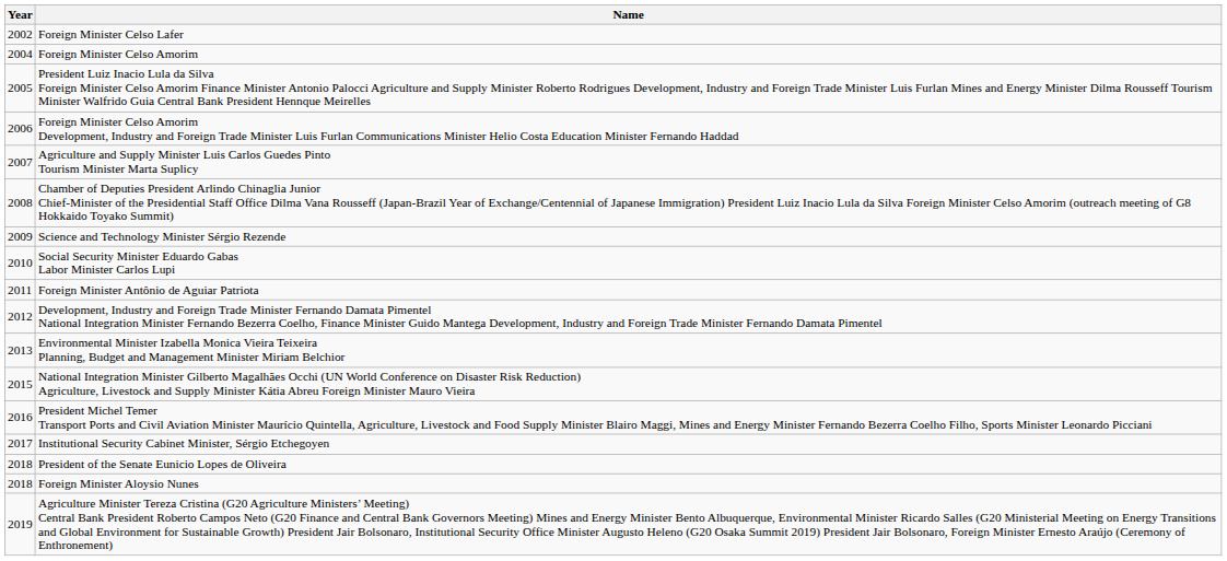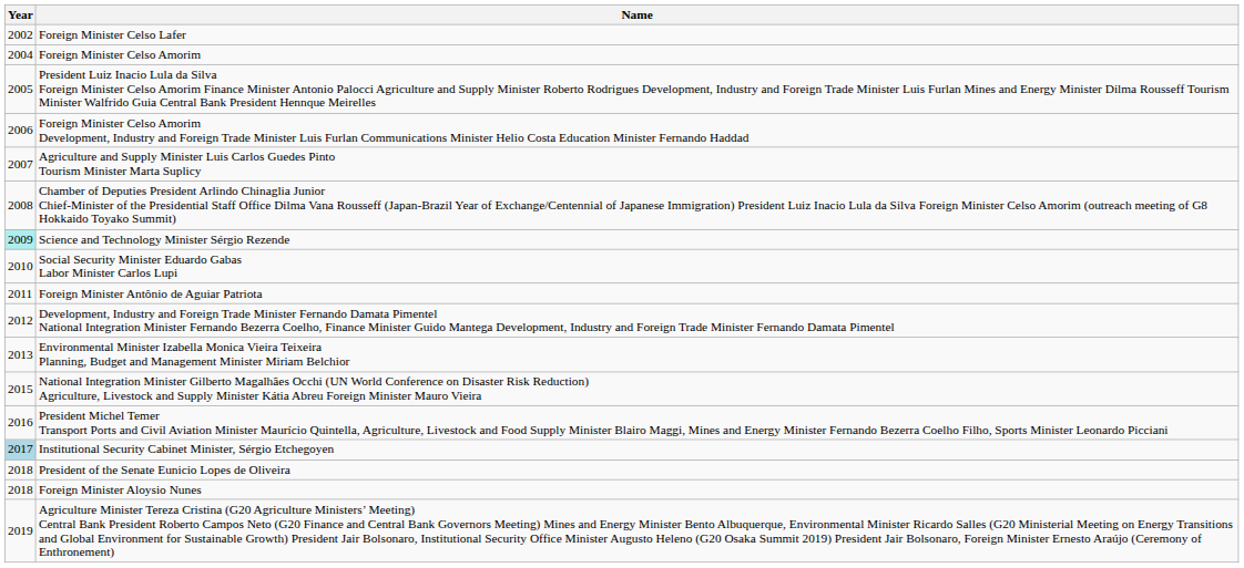 <table class="wikitable">
 <tr>
 <th>Year</th>
 <th>Name</th>
 </tr>
 <tr>
 <td>2002</td>
 <td>Foreign Minister Celso Lafer</td>
 </tr>
 <tr>
 <td>2004</td>
 <td>Foreign Minister Celso Amorim</td>
 </tr>
 <tr>
 <td>2005</td>
 <td>President Luiz Inacio Lula da Silva<br>Foreign Minister Celso Amorim Finance Minister Antonio Palocci Agriculture and Supply Minister Roberto Rodrigues Development, Industry and Foreign Trade Minister Luis Furlan Mines and Energy Minister Dilma Rousseff Tourism Minister Walfrido Guia Central Bank President Hennque Meirelles</td>
 </tr>
 <tr>
 <td>2006</td>
 <td>Foreign Minister Celso Amorim<br>Development, Industry and Foreign Trade Minister Luis Furlan Communications Minister Helio Costa Education Minister Fernando Haddad</td>
 </tr>
 <tr>
 <td>2007</td>
 <td>Agriculture and Supply Minister Luis Carlos Guedes Pinto<br>Tourism Minister Marta Suplicy</td>
 </tr>
 <tr>
 <td>2008</td>
 <td>Chamber of Deputies President Arlindo Chinaglia Junior<br>Chief-Minister of the Presidential Staff Office Dilma Vana Rousseff (Japan-Brazil Year of Exchange/Centennial of Japanese Immigration) President Luiz Inacio Lula da Silva Foreign Minister Celso Amorim (outreach meeting of G8 Hokkaido Toyako Summit)</td>
 </tr>
 <tr>
-<td>2009</td>
+<td style="background: paleturquoise;">2009</td>
 <td>Science and Technology Minister Sérgio Rezende</td>
 </tr>
 <tr>
 <td>2010</td>
 <td>Social Security Minister Eduardo Gabas<br>Labor Minister Carlos Lupi</td>
 </tr>
 <tr>
 <td>2011</td>
 <td>Foreign Minister Antônio de Aguiar Patriota</td>
 </tr>
 <tr>
 <td>2012</td>
 <td>Development, Industry and Foreign Trade Minister Fernando Damata Pimentel<br>National Integration Minister Fernando Bezerra Coelho,  Finance Minister Guido Mantega Development, Industry and Foreign Trade Minister Fernando Damata Pimentel</td>
 </tr>
 <tr>
 <td>2013</td>
 <td>Environmental Minister Izabella Monica Vieira Teixeira<br>Planning, Budget and Management Minister Miriam Belchior</td>
 </tr>
 <tr>
 <td>2015</td>
 <td>National Integration Minister Gilberto Magalhães Occhi (UN World Conference on Disaster Risk Reduction)<br>Agriculture, Livestock and Supply Minister Kátia Abreu Foreign Minister Mauro Vieira</td>
 </tr>
 <tr>
 <td>2016</td>
 <td>President Michel Temer<br>Transport Ports and Civil Aviation Minister Maurício Quintella, Agriculture, Livestock and Food Supply Minister Blairo Maggi, Mines and Energy Minister Fernando Bezerra Coelho Filho, Sports Minister Leonardo Picciani</td>
 </tr>
 <tr>
-<td>2017</td>
+<td style="background: lightblue;">2017</td>
 <td>Institutional Security Cabinet Minister, Sérgio Etchegoyen</td>
 </tr>
 <tr>
 <td>2018</td>
 <td>President of the Senate Eunicio Lopes de Oliveira</td>
 </tr>
 <tr>
 <td>2018</td>
 <td>Foreign Minister Aloysio Nunes</td>
 </tr>
 <tr>
 <td>2019</td>
 <td>Agriculture Minister Tereza Cristina (G20 Agriculture Ministers’ Meeting)<br>Central Bank President Roberto Campos Neto (G20 Finance and Central Bank Governors Meeting) Mines and Energy Minister Bento Albuquerque, Environmental Minister Ricardo Salles (G20 Ministerial Meeting on Energy Transitions and Global Environment for Sustainable Growth) President Jair Bolsonaro, Institutional Security Office Minister Augusto Heleno (G20 Osaka Summit 2019) President Jair Bolsonaro, Foreign Minister Ernesto Araújo (Ceremony of Enthronement)</td>
 </tr>
 </table>
